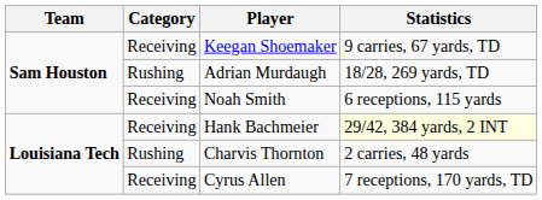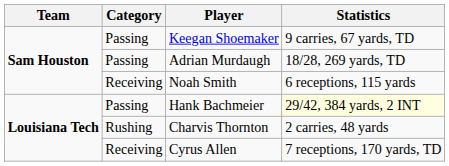 <table class="wikitable" style="float: left;">
 <tr>
 <th>Team</th>
 <th>Category</th>
 <th>Player</th>
 <th>Statistics</th>
 </tr>
 <tr>
 <td rowspan=3><strong>Sam Houston</strong></td>
-<td>Receiving</td>
+<td>Passing</td>
 <td><a href='#'>Keegan Shoemaker</a></td>
 <td>9 carries, 67 yards, TD</td>
 </tr>
 <tr>
-<td>Rushing</td>
+<td>Passing</td>
 <td>Adrian Murdaugh</td>
 <td>18/28, 269 yards, TD</td>
 </tr>
 <tr>
 <td>Receiving</td>
 <td>Noah Smith</td>
 <td>6 receptions, 115 yards</td>
 </tr>
 <tr>
 <td rowspan=3><strong>Louisiana Tech</strong></td>
-<td>Receiving</td>
+<td>Passing</td>
 <td>Hank Bachmeier</td>
 <td style="background: lightyellow;">29/42, 384 yards, 2 INT</td>
 </tr>
 <tr>
 <td>Rushing</td>
 <td>Charvis Thornton</td>
 <td>2 carries, 48 yards</td>
 </tr>
 <tr>
 <td>Receiving</td>
 <td>Cyrus Allen</td>
 <td>7 receptions, 170 yards, TD</td>
 </tr>
 </table>
